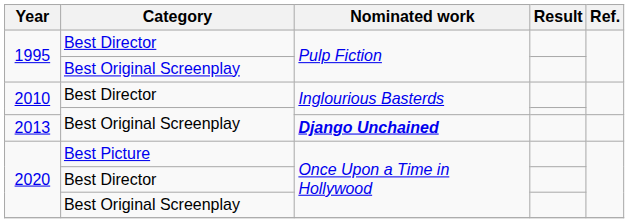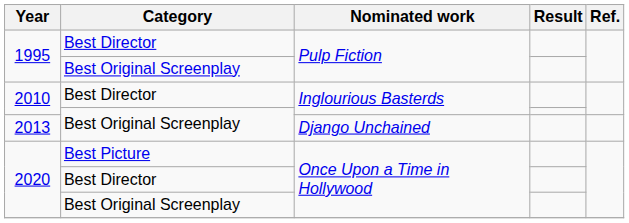 <table class="wikitable sortable plainrowheaders" Style=font-size:98%>
 <tr>
 <th scope="col" style="width:9%;">Year</th>
 <th scope="col" style="width:20em;">Category</th>
 <th scope="col" style="width:20em;">Nominated work</th>
 <th scope="col" style="width:2em;">Result</th>
 <th scope="col" style="width:4%;" class="unsortable">Ref.</th>
 </tr>
 <tr>
 <td style="text-align:center;", rowspan=2><a href='#'>1995</a></td>
 <td><a href='#'>Best Director</a></td>
 <td rowspan=2><em><a href='#'>Pulp Fiction</a></em></td>
 <td></td>
 <td style="text-align:center;", rowspan=2></td>
 </tr>
 <tr>
 <td><a href='#'>Best Original Screenplay</a></td>
 <td></td>
 </tr>
 <tr>
 <td style="text-align:center;", rowspan=2><a href='#'>2010</a></td>
 <td>Best Director</td>
 <td rowspan=2><em><a href='#'>Inglourious Basterds</a></em></td>
 <td></td>
 <td style="text-align:center;", rowspan=2></td>
 </tr>
 <tr>
 <td rowspan=2>Best Original Screenplay</td>
 <td></td>
 </tr>
 <tr>
 <td style="text-align:center;"><a href='#'>2013</a></td>
-<td><strong><em><a href='#'>Django Unchained</a></em></strong></td>
+<td><em><a href='#'>Django Unchained</a></em></td>
 <td></td>
 <td style="text-align:center;"></td>
 </tr>
 <tr>
 <td style="text-align:center;", rowspan=3><a href='#'>2020</a></td>
 <td><a href='#'>Best Picture</a></td>
 <td rowspan=3><em><a href='#'>Once Upon a Time in Hollywood</a></em></td>
 <td></td>
 <td style="text-align:center;", rowspan=3></td>
 </tr>
 <tr>
 <td>Best Director</td>
 <td></td>
 </tr>
 <tr>
 <td>Best Original Screenplay</td>
 <td></td>
 </tr>
 <tr>
 </tr>
 </table>
